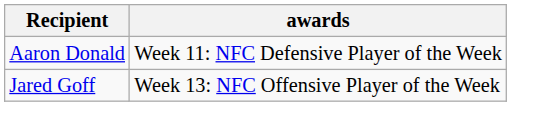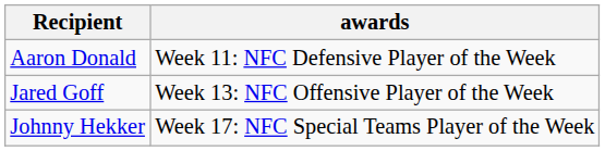 <table class="wikitable">
 <tr>
 <th>Recipient</th>
 <th>awards</th>
 </tr>
 <tr>
 <td><a href='#'>Aaron Donald</a></td>
 <td>Week 11: <a href='#'>NFC</a> Defensive Player of the Week</td>
 </tr>
 <tr>
 <td><a href='#'>Jared Goff</a></td>
 <td>Week 13: <a href='#'>NFC</a> Offensive Player of the Week</td>
 </tr>
+<tr>
+<td><a href='#'>Johnny Hekker</a></td>
+<td>Week 17: <a href='#'>NFC</a> Special Teams Player of the Week</td>
+</tr>
 </table>
